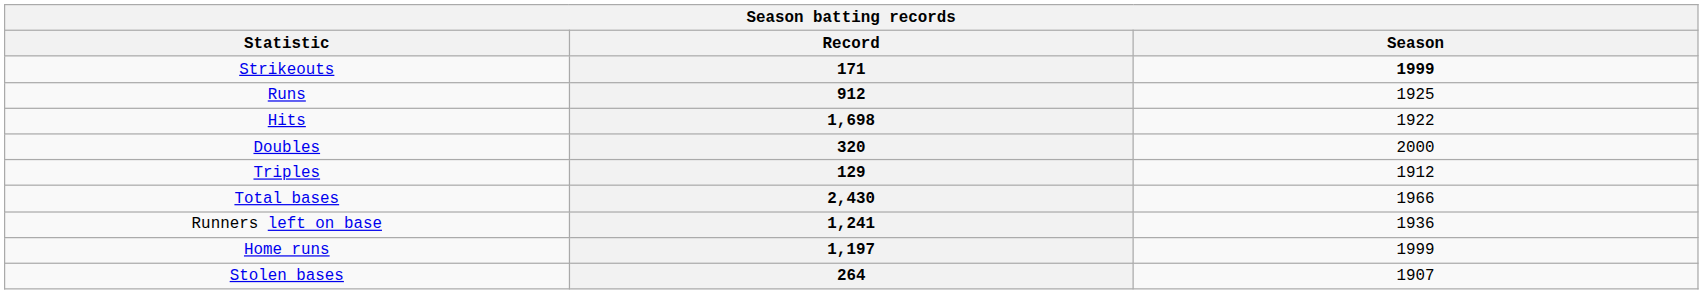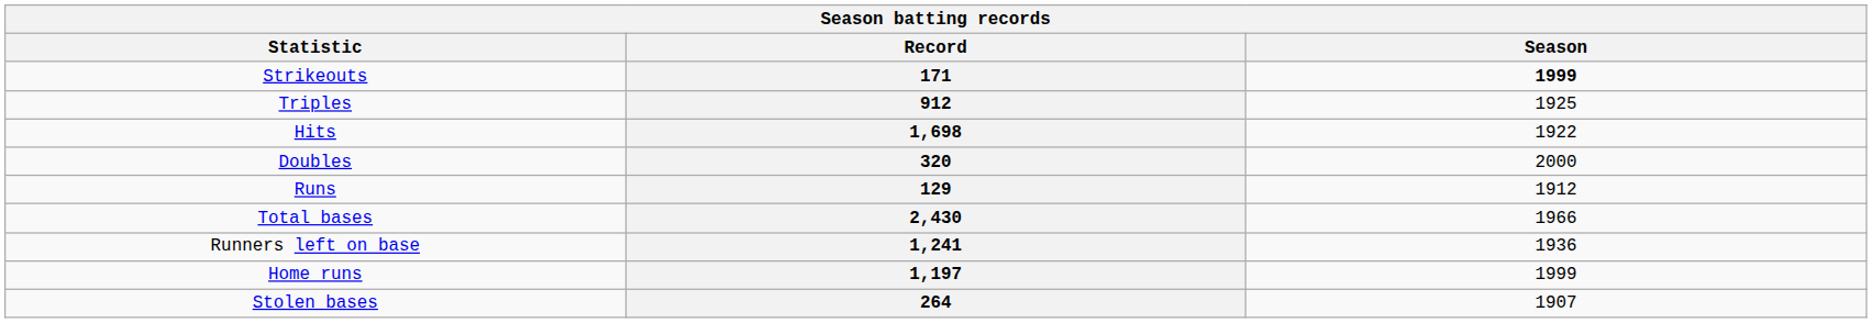 <table class="wikitable sortable" style="text-align:center" width="70%">
 <tr>
 <th colspan=5>Season batting records</th>
 </tr>
 <tr>
 <th scope="col" width=20%>Statistic</th>
 <th scope="col" class="unsortable" width=20%>Record</th>
 <th scope="col" width=20%>Season</th>
 </tr>
 <tr>
 <td><a href='#'>Strikeouts</a></td>
 <th scope="row">171</th>
 <td><strong>1999</strong></td>
 </tr>
 <tr>
-<td><a href='#'>Runs</a></td>
+<td><a href='#'>Triples</a></td>
 <th scope="row">912</th>
 <td>1925</td>
 </tr>
 <tr>
 <td><a href='#'>Hits</a></td>
 <th scope="row">1,698</th>
 <td>1922</td>
 </tr>
 <tr>
 <td><a href='#'>Doubles</a></td>
 <th scope="row">320</th>
 <td>2000</td>
 </tr>
 <tr>
-<td><a href='#'>Triples</a></td>
+<td><a href='#'>Runs</a></td>
 <th scope="row">129</th>
 <td>1912</td>
 </tr>
 <tr>
 <td><a href='#'>Total bases</a></td>
 <th scope="row">2,430</th>
 <td>1966</td>
 </tr>
 <tr>
 <td>Runners <a href='#'>left on base</a></td>
 <th scope="row">1,241</th>
 <td>1936</td>
 </tr>
 <tr>
 <td><a href='#'>Home runs</a></td>
 <th scope="row">1,197</th>
 <td>1999</td>
 </tr>
 <tr>
 <td><a href='#'>Stolen bases</a></td>
 <th scope="row">264</th>
 <td>1907</td>
 </tr>
 </table>
